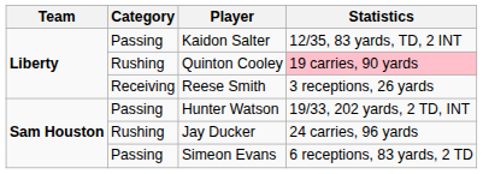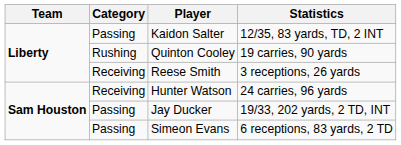 <table class="wikitable" style="float: right;">
 <tr>
 <th>Team</th>
 <th>Category</th>
 <th>Player</th>
 <th>Statistics</th>
 </tr>
 <tr>
 <td rowspan=3><strong>Liberty</strong></td>
 <td>Passing</td>
 <td>Kaidon Salter</td>
 <td>12/35, 83 yards, TD, 2 INT</td>
 </tr>
 <tr>
 <td>Rushing</td>
 <td>Quinton Cooley</td>
-<td style="background: pink;">19 carries, 90 yards</td>
+<td>19 carries, 90 yards</td>
 </tr>
 <tr>
 <td>Receiving</td>
 <td>Reese Smith</td>
 <td>3 receptions, 26 yards</td>
 </tr>
 <tr>
 <td rowspan=3><strong>Sam Houston</strong></td>
-<td>Passing</td>
+<td>Receiving</td>
 <td>Hunter Watson</td>
-<td>19/33, 202 yards, 2 TD, INT</td>
+<td>24 carries, 96 yards</td>
 </tr>
 <tr>
-<td>Rushing</td>
+<td>Passing</td>
 <td>Jay Ducker</td>
-<td>24 carries, 96 yards</td>
+<td>19/33, 202 yards, 2 TD, INT</td>
 </tr>
 <tr>
 <td>Passing</td>
 <td>Simeon Evans</td>
 <td>6 receptions, 83 yards, 2 TD</td>
 </tr>
 </table>
